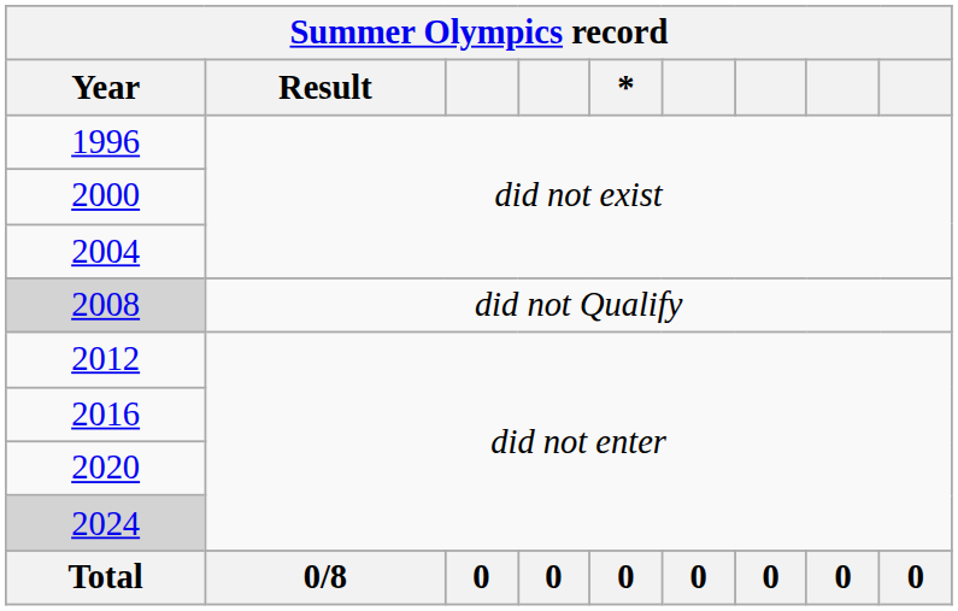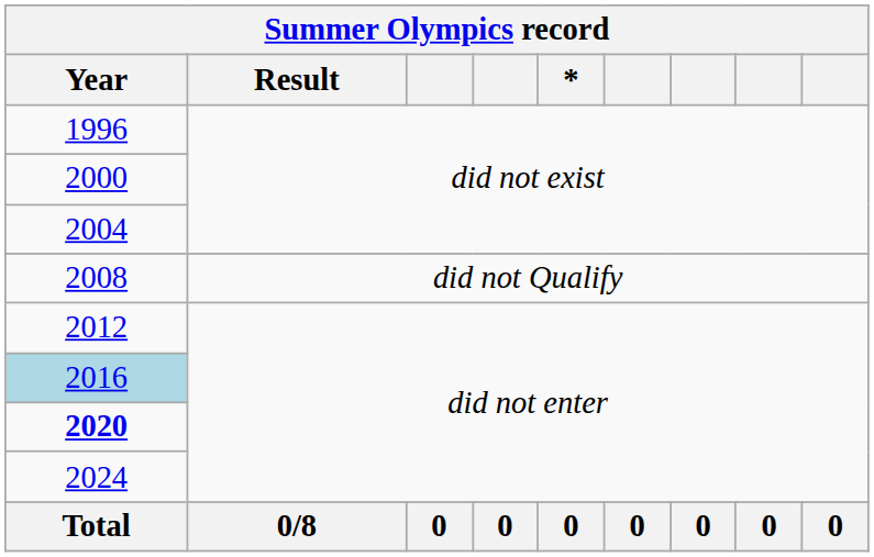 <table class="wikitable" style="text-align: center; width:50%;">
 <tr>
 <th colspan=10><a href='#'>Summer Olympics</a> record</th>
 </tr>
 <tr>
 <th>Year</th>
 <th>Result</th>
 <th></th>
 <th></th>
 <th>*</th>
 <th></th>
 <th></th>
 <th></th>
 <th></th>
 </tr>
 <tr>
 <td> <a href='#'>1996</a></td>
 <td colspan=8 rowspan=3><em>did not exist</em></td>
 </tr>
 <tr>
 <td> <a href='#'>2000</a></td>
 </tr>
 <tr>
 <td> <a href='#'>2004</a></td>
 </tr>
 <tr>
-<td style="background: lightgrey;"> <a href='#'>2008</a></td>
+<td> <a href='#'>2008</a></td>
 <td colspan=8><em>did not Qualify</em></td>
 </tr>
 <tr>
 <td> <a href='#'>2012</a></td>
 <td colspan=8 rowspan=4><em>did not enter</em></td>
 </tr>
 <tr>
-<td> <a href='#'>2016</a></td>
+<td style="background: lightblue;"> <a href='#'>2016</a></td>
 </tr>
 <tr>
-<td> <a href='#'>2020</a></td>
+<td><strong> <a href='#'>2020</a></strong></td>
 </tr>
 <tr>
-<td style="background: lightgrey;"> <a href='#'>2024</a></td>
+<td> <a href='#'>2024</a></td>
 </tr>
 <tr>
 <th>Total</th>
 <th>0/8</th>
 <th>0</th>
 <th>0</th>
 <th>0</th>
 <th>0</th>
 <th>0</th>
 <th>0</th>
 <th>0</th>
 </tr>
 </table>
